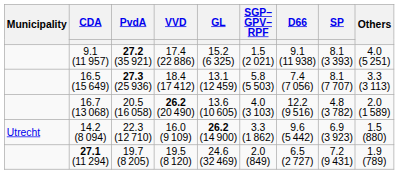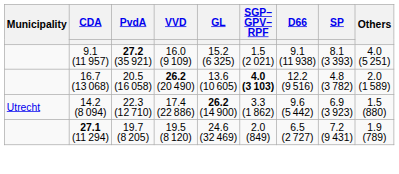 <table class="wikitable sortable" style="text-align:center;font-size:90%;line-height:14px">
 <tr style="height:40px;">
 <th rowspan="2">Municipality</th>
 <th style="width:40px;"><a href='#'>CDA</a></th>
 <th style="width:40px;"><a href='#'>PvdA</a></th>
 <th style="width:40px;"><a href='#'>VVD</a></th>
 <th style="width:40px;"><a href='#'>GL</a></th>
 <th style="width:40px;"><a href='#'>SGP–GPV–RPF</a></th>
 <th style="width:40px;"><a href='#'>D66</a></th>
 <th style="width:40px;"><a href='#'>SP</a></th>
 <th style="width:40px;" rowspan="2">Others</th>
 </tr>
 <tr>
 <th style="background:"></th>
 <th style="background:"></th>
 <th style="background:"></th>
 <th style="background:"></th>
 <th style="background:"></th>
 <th style="background:"></th>
 <th style="background:"></th>
 </tr>
 <tr>
 <td align="left"></td>
 <td>9.1<br><span>(11 957)</span></td>
 <td style="background:"><strong>27.2</strong><br><span>(35 921)</span></td>
-<td>17.4<br><span>(22 886)</span></td>
+<td>16.0<br><span>(9 109)</span></td>
 <td>15.2<br><span>(6 325)</span></td>
 <td>1.5<br><span>(2 021)</span></td>
 <td>9.1<br><span>(11 938)</span></td>
 <td>8.1<br><span>(3 393)</span></td>
 <td>4.0<br><span>(5 251)</span></td>
 </tr>
 <tr>
 <td align="left"></td>
-<td>16.5<br><span>(15 649)</span></td>
-<td style="background:"><strong>27.3</strong><br><span>(25 936)</span></td>
-<td>18.4<br><span>(17 412)</span></td>
-<td>13.1<br><span>(12 459)</span></td>
-<td>5.8<br><span>(5 503)</span></td>
-<td>7.4<br><span>(7 056)</span></td>
-<td>8.1<br><span>(7 707)</span></td>
-<td>3.3<br><span>(3 113)</span></td>
-</tr>
-<tr>
-<td align="left"></td>
 <td>16.7<br><span>(13 068)</span></td>
 <td>20.5<br><span>(16 058)</span></td>
 <td style="background:"><strong>26.2</strong><br><span>(20 490)</span></td>
 <td>13.6<br><span>(10 605)</span></td>
-<td>4.0<br><span>(3 103)</span></td>
+<td><strong>4.0<br><span>(3 103)</span></strong></td>
 <td>12.2<br><span>(9 516)</span></td>
 <td>4.8<br><span>(3 782)</span></td>
 <td>2.0<br><span>(1 589)</span></td>
 </tr>
 <tr>
 <td align="left"> <a href='#'>Utrecht</a></td>
 <td>14.2<br><span>(8 094)</span></td>
 <td>22.3<br><span>(12 710)</span></td>
-<td>16.0<br><span>(9 109)</span></td>
+<td>17.4<br><span>(22 886)</span></td>
 <td style="background:"><strong>26.2</strong><br><span>(14 900)</span></td>
 <td>3.3<br><span>(1 862)</span></td>
 <td>9.6<br><span>(5 442)</span></td>
 <td>6.9<br><span>(3 923)</span></td>
 <td>1.5<br><span>(880)</span></td>
 </tr>
 <tr>
 <td align="left"></td>
 <td style="background:"><strong>27.1</strong><br><span>(11 294)</span></td>
 <td>19.7<br><span>(8 205)</span></td>
 <td>19.5<br><span>(8 120)</span></td>
 <td>24.6<br><span>(32 469)</span></td>
 <td>2.0<br><span>(849)</span></td>
 <td>6.5<br><span>(2 727)</span></td>
 <td>7.2<br><span>(9 431)</span></td>
 <td>1.9<br><span>(789)</span></td>
 </tr>
 </table>
